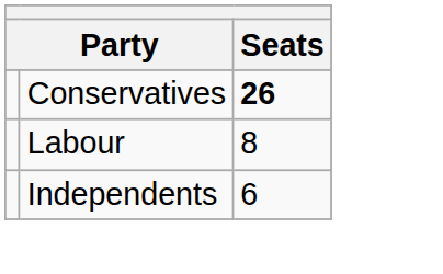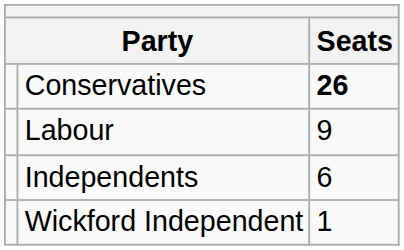 <table class="wikitable">
 <tr>
 <th colspan="3"></th>
 </tr>
 <tr>
 <th colspan="2">Party</th>
 <th>Seats</th>
 </tr>
 <tr>
 <td style="color:inherit;background:"></td>
 <td>Conservatives</td>
 <td><strong>26</strong></td>
 </tr>
 <tr>
 <td style="color:inherit;background:"></td>
 <td>Labour</td>
-<td>8</td>
+<td>9</td>
 </tr>
 <tr>
 <td style="color:inherit;background:"></td>
 <td>Independents</td>
 <td>6</td>
 </tr>
+<tr>
+<td style="color:inherit;background:"></td>
+<td>Wickford Independent</td>
+<td>1</td>
+</tr>
 </table>
